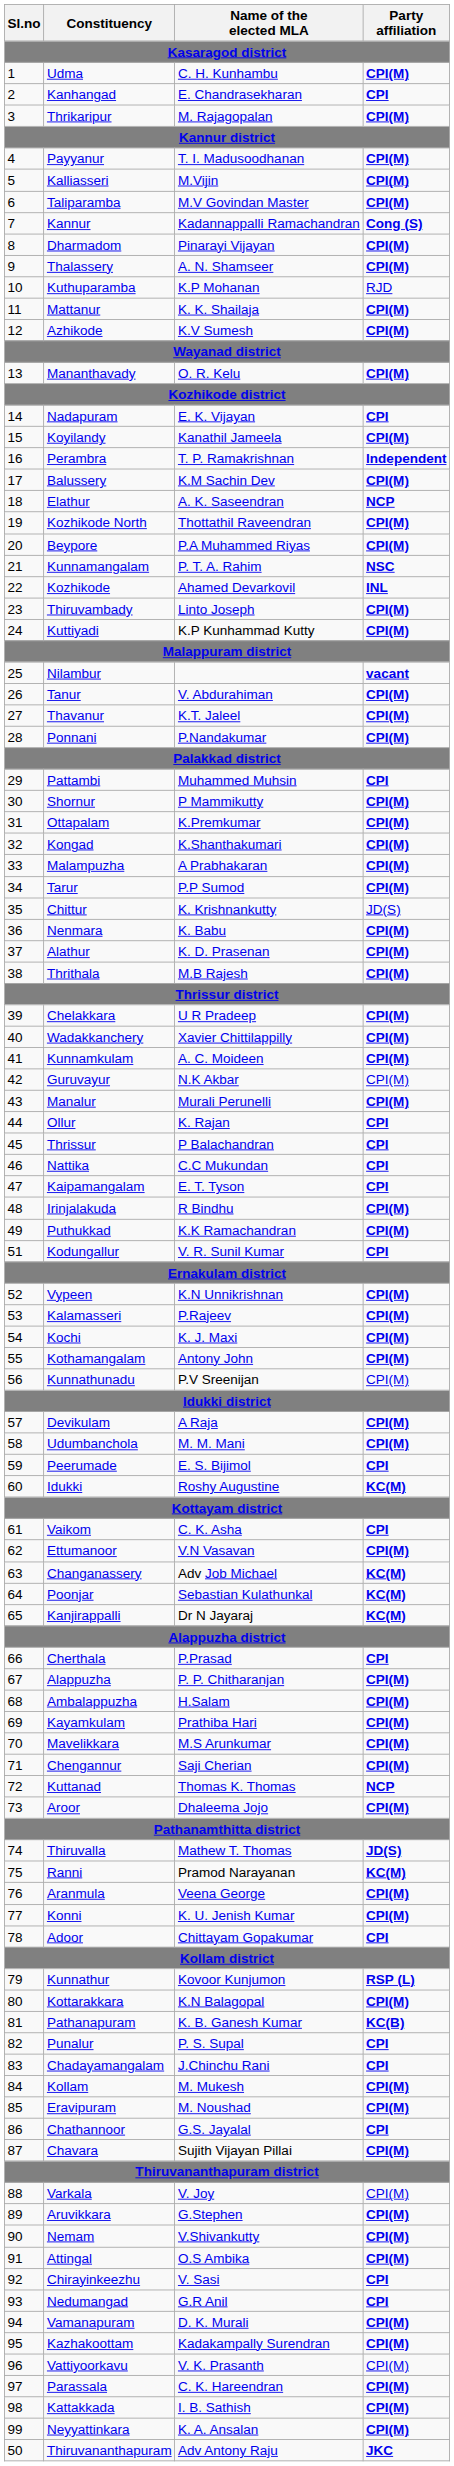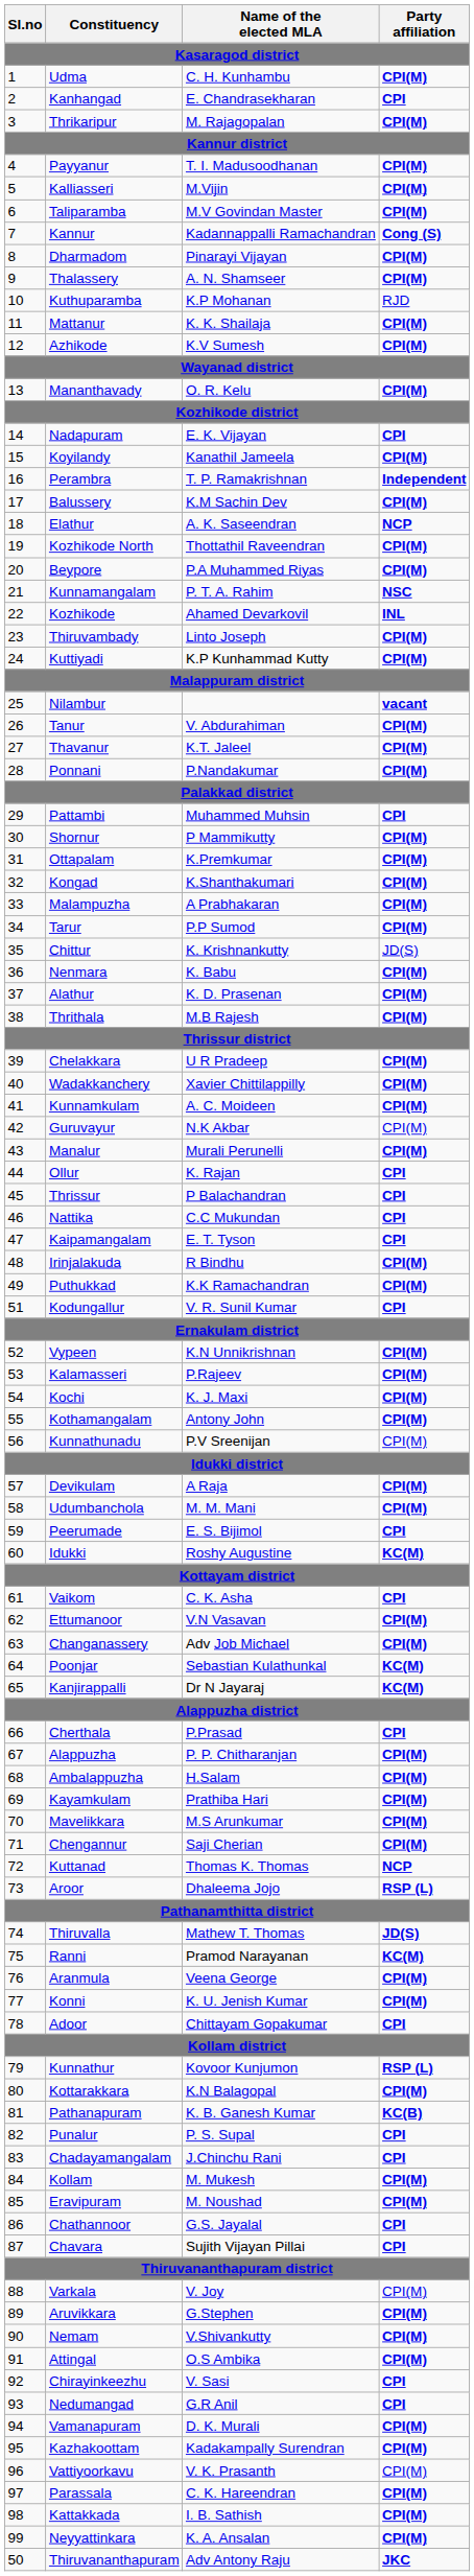 <table class="wikitable sortable" style="font-size: 95%;">
 <tr>
 <th scope="col">Sl.no</th>
 <th scope="col">Constituency</th>
 <th scope="col">Name of the<br>elected MLA</th>
 <th scope="col">Party<br>affiliation</th>
 </tr>
 <tr>
 <td colspan="4" style="text-align:center; background-color: gray;"><a href='#'><span><strong>Kasaragod district</strong></span></a></td>
 </tr>
 <tr>
 <td>1</td>
 <td><a href='#'>Udma</a></td>
 <td><a href='#'>C. H. Kunhambu</a></td>
 <td width="4" style="background-color: "><a href='#'><span><strong>CPI(M)</strong></span></a></td>
 </tr>
 <tr>
 <td>2</td>
 <td><a href='#'>Kanhangad</a></td>
 <td><a href='#'>E. Chandrasekharan</a></td>
 <td width="4" style="background-color: "><a href='#'><span><strong>CPI</strong></span></a></td>
 </tr>
 <tr>
 <td>3</td>
 <td><a href='#'>Thrikaripur</a></td>
 <td><a href='#'>M. Rajagopalan</a></td>
 <td width="4" style="background-color: "><a href='#'><span><strong>CPI(M)</strong></span></a></td>
 </tr>
 <tr>
 <td colspan="4" style="text-align:center; background-color: gray;"><a href='#'><span><strong>Kannur district</strong></span></a></td>
 </tr>
 <tr>
 <td>4</td>
 <td><a href='#'>Payyanur</a></td>
 <td><a href='#'>T. I. Madusoodhanan</a></td>
 <td width="4" style="background-color: "><a href='#'><span><strong>CPI(M)</strong></span></a></td>
 </tr>
 <tr>
 <td>5</td>
 <td><a href='#'>Kalliasseri</a></td>
 <td><a href='#'>M.Vijin</a></td>
 <td width="4" style="background-color: "><a href='#'><span><strong>CPI(M)</strong></span></a></td>
 </tr>
 <tr>
 <td>6</td>
 <td><a href='#'>Taliparamba</a></td>
 <td><a href='#'>M.V Govindan Master</a></td>
 <td width="4" style="background-color: "><a href='#'><span><strong>CPI(M)</strong></span></a></td>
 </tr>
 <tr>
 <td>7</td>
 <td><a href='#'>Kannur</a></td>
 <td><a href='#'>Kadannappalli Ramachandran</a></td>
 <td width="4" style="background-color: "><a href='#'><span><strong>Cong (S)</strong></span></a></td>
 </tr>
 <tr>
 <td>8</td>
 <td><a href='#'>Dharmadom</a></td>
 <td><a href='#'>Pinarayi Vijayan</a></td>
 <td width="4" style="background-color: "><a href='#'><span><strong>CPI(M)</strong></span></a></td>
 </tr>
 <tr>
 <td>9</td>
 <td><a href='#'>Thalassery</a></td>
 <td><a href='#'>A. N. Shamseer</a></td>
 <td width="4" style="background-color: "><a href='#'><span><strong>CPI(M)</strong></span></a></td>
 </tr>
 <tr>
 <td>10</td>
 <td><a href='#'>Kuthuparamba</a></td>
 <td><a href='#'>K.P Mohanan</a></td>
 <td width="4" style="background-color: "><a href='#'>RJD</a></td>
 </tr>
 <tr>
 <td>11</td>
 <td><a href='#'>Mattanur</a></td>
 <td><a href='#'>K. K. Shailaja</a></td>
 <td width="4" style="background-color: "><a href='#'><span><strong>CPI(M)</strong></span></a></td>
 </tr>
 <tr>
 <td>12</td>
 <td><a href='#'>Azhikode</a></td>
 <td><a href='#'>K.V Sumesh</a></td>
 <td width="4" style="background-color: "><a href='#'><span><strong>CPI(M)</strong></span></a></td>
 </tr>
 <tr>
 <td colspan="4" style="text-align:center; background-color: gray;"><a href='#'><span><strong>Wayanad district</strong></span></a></td>
 </tr>
 <tr>
 <td>13</td>
 <td><a href='#'>Mananthavady</a></td>
 <td><a href='#'>O. R. Kelu</a></td>
 <td width="4" style="background-color: "><a href='#'><span><strong>CPI(M)</strong></span></a></td>
 </tr>
 <tr>
 <td colspan="4" style="text-align:center; background-color: gray;"><a href='#'><span><strong>Kozhikode district</strong></span></a></td>
 </tr>
 <tr>
 <td>14</td>
 <td><a href='#'>Nadapuram</a></td>
 <td><a href='#'>E. K. Vijayan</a></td>
 <td width="4" style="background-color: "><a href='#'><span><strong>CPI</strong></span></a></td>
 </tr>
 <tr>
 <td>15</td>
 <td><a href='#'>Koyilandy</a></td>
 <td><a href='#'>Kanathil Jameela</a></td>
 <td width="4" style="background-color: "><a href='#'><span><strong>CPI(M)</strong></span></a></td>
 </tr>
 <tr>
 <td>16</td>
 <td><a href='#'>Perambra</a></td>
 <td><a href='#'>T. P. Ramakrishnan</a></td>
 <td width="4" style="background-color: "><a href='#'><strong>Independent</strong></a></td>
 </tr>
 <tr>
 <td>17</td>
 <td><a href='#'>Balussery</a></td>
 <td><a href='#'>K.M Sachin Dev</a></td>
 <td width="4" style="background-color: "><a href='#'><span><strong>CPI(M)</strong></span></a></td>
 </tr>
 <tr>
 <td>18</td>
 <td><a href='#'>Elathur</a></td>
 <td><a href='#'>A. K. Saseendran</a></td>
 <td width="4" style="background-color: "><a href='#'><span><strong>NCP</strong></span></a></td>
 </tr>
 <tr>
 <td>19</td>
 <td><a href='#'>Kozhikode North</a></td>
 <td><a href='#'>Thottathil Raveendran</a></td>
 <td width="4" style="background-color: "><a href='#'><span><strong>CPI(M)</strong></span></a></td>
 </tr>
 <tr>
 <td>20</td>
 <td><a href='#'>Beypore</a></td>
 <td><a href='#'>P.A Muhammed Riyas</a></td>
 <td width="4" style="background-color: "><a href='#'><span><strong>CPI(M)</strong></span></a></td>
 </tr>
 <tr>
 <td>21</td>
 <td><a href='#'>Kunnamangalam</a></td>
 <td><a href='#'>P. T. A. Rahim</a></td>
 <td width="4" style="background-color: "><a href='#'><span><strong>NSC</strong></span></a></td>
 </tr>
 <tr>
 <td>22</td>
 <td><a href='#'>Kozhikode</a></td>
 <td><a href='#'>Ahamed Devarkovil</a></td>
 <td width="4" style="background-color: "><a href='#'><span><strong>INL</strong></span></a></td>
 </tr>
 <tr>
 <td>23</td>
 <td><a href='#'>Thiruvambady</a></td>
 <td><a href='#'>Linto Joseph</a></td>
 <td width="4" style="background-color: "><a href='#'><span><strong>CPI(M)</strong></span></a></td>
 </tr>
 <tr>
 <td>24</td>
 <td><a href='#'>Kuttiyadi</a></td>
 <td>K.P Kunhammad Kutty</td>
 <td width="4" style="background-color: "><a href='#'><span><strong>CPI(M)</strong></span></a></td>
 </tr>
 <tr>
 <td colspan="4" style="text-align:center; background-color: gray;"><a href='#'><span><strong>Malappuram district</strong></span></a></td>
 </tr>
 <tr>
 <td>25</td>
 <td><a href='#'>Nilambur</a></td>
 <td></td>
 <td width="4" style="background-color: "><a href='#'><strong>vacant</strong></a></td>
 </tr>
 <tr>
 <td>26</td>
 <td><a href='#'>Tanur</a></td>
 <td><a href='#'>V. Abdurahiman</a></td>
 <td width="4" style="background-color: "><a href='#'><span><strong>CPI(M)</strong></span></a></td>
 </tr>
 <tr>
 <td>27</td>
 <td><a href='#'>Thavanur</a></td>
 <td><a href='#'>K.T. Jaleel</a></td>
 <td width="4" style="background-color: "><a href='#'><span><strong>CPI(M)</strong></span></a></td>
 </tr>
 <tr>
 <td>28</td>
 <td><a href='#'>Ponnani</a></td>
 <td><a href='#'>P.Nandakumar</a></td>
 <td width="4" style="background-color: "><a href='#'><span><strong>CPI(M)</strong></span></a></td>
 </tr>
 <tr>
 <td colspan="4" style="text-align:center; background-color: gray;"><a href='#'><span><strong>Palakkad district</strong></span></a></td>
 </tr>
 <tr>
 <td>29</td>
 <td><a href='#'>Pattambi</a></td>
 <td><a href='#'>Muhammed Muhsin</a></td>
 <td width="4" style="background-color: "><a href='#'><span><strong>CPI</strong></span></a></td>
 </tr>
 <tr>
 <td>30</td>
 <td><a href='#'>Shornur</a></td>
 <td><a href='#'>P Mammikutty</a></td>
 <td width="4" style="background-color: "><a href='#'><span><strong>CPI(M)</strong></span></a></td>
 </tr>
 <tr>
 <td>31</td>
 <td><a href='#'>Ottapalam</a></td>
 <td><a href='#'>K.Premkumar</a></td>
 <td width="4" style="background-color: "><a href='#'><span><strong>CPI(M)</strong></span></a></td>
 </tr>
 <tr>
 <td>32</td>
 <td><a href='#'>Kongad</a></td>
 <td><a href='#'>K.Shanthakumari</a></td>
 <td width="4" style="background-color: "><a href='#'><span><strong>CPI(M)</strong></span></a></td>
 </tr>
 <tr>
 <td>33</td>
 <td><a href='#'>Malampuzha</a></td>
 <td><a href='#'>A Prabhakaran</a></td>
 <td width="4" style="background-color: "><a href='#'><span><strong>CPI(M)</strong></span></a></td>
 </tr>
 <tr>
 <td>34</td>
 <td><a href='#'>Tarur</a></td>
 <td><a href='#'>P.P Sumod</a></td>
 <td width="4" style="background-color: "><a href='#'><span><strong>CPI(M)</strong></span></a></td>
 </tr>
 <tr>
 <td>35</td>
 <td><a href='#'>Chittur</a></td>
 <td><a href='#'>K. Krishnankutty</a></td>
 <td width="4" style="background-color: "><a href='#'><span>JD(S)</span></a></td>
 </tr>
 <tr>
 <td>36</td>
 <td><a href='#'>Nenmara</a></td>
 <td><a href='#'>K. Babu</a></td>
 <td width="4" style="background-color: "><a href='#'><span><strong>CPI(M)</strong></span></a></td>
 </tr>
 <tr>
 <td>37</td>
 <td><a href='#'>Alathur</a></td>
 <td><a href='#'>K. D. Prasenan</a></td>
 <td width="4" style="background-color: "><a href='#'><span><strong>CPI(M)</strong></span></a></td>
 </tr>
 <tr>
 <td>38</td>
 <td><a href='#'>Thrithala</a></td>
 <td><a href='#'>M.B Rajesh</a></td>
 <td width="4" style="background-color: "><a href='#'><span><strong>CPI(M)</strong></span></a></td>
 </tr>
 <tr>
 <td colspan="4" style="text-align:center; background-color: gray;"><a href='#'><span><strong>Thrissur district</strong></span></a></td>
 </tr>
 <tr>
 <td>39</td>
 <td><a href='#'>Chelakkara</a></td>
 <td><a href='#'>U R Pradeep</a></td>
 <td width="4" style="background-color: "><a href='#'><span><strong>CPI(M)</strong></span></a></td>
 </tr>
 <tr>
 <td>40</td>
 <td><a href='#'>Wadakkanchery</a></td>
 <td><a href='#'>Xavier Chittilappilly</a></td>
 <td width="4" style="background-color: "><a href='#'><span><strong>CPI(M)</strong></span></a></td>
 </tr>
 <tr>
 <td>41</td>
 <td><a href='#'>Kunnamkulam</a></td>
 <td><a href='#'>A. C. Moideen</a></td>
 <td width="4" style="background-color: "><a href='#'><span><strong>CPI(M)</strong></span></a></td>
 </tr>
 <tr>
 <td>42</td>
 <td><a href='#'>Guruvayur</a></td>
 <td><a href='#'>N.K Akbar</a></td>
 <td width="4" style="background-color: "><a href='#'><span>CPI(M)</span></a></td>
 </tr>
 <tr>
 <td>43</td>
 <td><a href='#'>Manalur</a></td>
 <td><a href='#'>Murali Perunelli</a></td>
 <td width="4" style="background-color: "><a href='#'><span><strong>CPI(M)</strong></span></a></td>
 </tr>
 <tr>
 <td>44</td>
 <td><a href='#'>Ollur</a></td>
 <td><a href='#'>K. Rajan</a></td>
 <td width="4" style="background-color: "><a href='#'><span><strong>CPI</strong></span></a></td>
 </tr>
 <tr>
 <td>45</td>
 <td><a href='#'>Thrissur</a></td>
 <td><a href='#'>P Balachandran</a></td>
 <td width="4" style="background-color: "><a href='#'><span><strong>CPI</strong></span></a></td>
 </tr>
 <tr>
 <td>46</td>
 <td><a href='#'>Nattika</a></td>
 <td><a href='#'>C.C Mukundan</a></td>
 <td width="4" style="background-color: "><a href='#'><span><strong>CPI</strong></span></a></td>
 </tr>
 <tr>
 <td>47</td>
 <td><a href='#'>Kaipamangalam</a></td>
 <td><a href='#'>E. T. Tyson</a></td>
 <td width="4" style="background-color: "><a href='#'><span><strong>CPI</strong></span></a></td>
 </tr>
 <tr>
 <td>48</td>
 <td><a href='#'>Irinjalakuda</a></td>
 <td><a href='#'>R Bindhu</a></td>
 <td width="4" style="background-color: "><a href='#'><span><strong>CPI(M)</strong></span></a></td>
 </tr>
 <tr>
 <td>49</td>
 <td><a href='#'>Puthukkad</a></td>
 <td><a href='#'>K.K Ramachandran</a></td>
 <td width="4" style="background-color: "><a href='#'><span><strong>CPI(M)</strong></span></a></td>
 </tr>
 <tr>
 <td>51</td>
 <td><a href='#'>Kodungallur</a></td>
 <td><a href='#'>V. R. Sunil Kumar</a></td>
 <td width="4" style="background-color: "><a href='#'><span><strong>CPI</strong></span></a></td>
 </tr>
 <tr>
 <td colspan="4" style="text-align:center; background-color: gray;"><a href='#'><span><strong>Ernakulam district</strong></span></a></td>
 </tr>
 <tr>
 <td>52</td>
 <td><a href='#'>Vypeen</a></td>
 <td><a href='#'>K.N Unnikrishnan</a></td>
 <td width="4" style="background-color: "><a href='#'><span><strong>CPI(M)</strong></span></a></td>
 </tr>
 <tr>
 <td>53</td>
 <td><a href='#'>Kalamasseri</a></td>
 <td><a href='#'>P.Rajeev</a></td>
 <td width="4" style="background-color: "><a href='#'><span><strong>CPI(M)</strong></span></a></td>
 </tr>
 <tr>
 <td>54</td>
 <td><a href='#'>Kochi</a></td>
 <td><a href='#'>K. J. Maxi</a></td>
 <td width="4" style="background-color: "><a href='#'><span><strong>CPI(M)</strong></span></a></td>
 </tr>
 <tr>
 <td>55</td>
 <td><a href='#'>Kothamangalam</a></td>
 <td><a href='#'>Antony John</a></td>
 <td width="4" style="background-color: "><a href='#'><span><strong>CPI(M)</strong></span></a></td>
 </tr>
 <tr>
 <td>56</td>
 <td><a href='#'>Kunnathunadu</a></td>
 <td>P.V Sreenijan</td>
 <td width="4" style="background-color: "><a href='#'><span>CPI(M)</span></a></td>
 </tr>
 <tr>
 <td colspan="4" style="text-align:center; background-color: gray;"><a href='#'><span><strong>Idukki district</strong></span></a></td>
 </tr>
 <tr>
 <td>57</td>
 <td><a href='#'>Devikulam</a></td>
 <td><a href='#'>A Raja</a></td>
 <td width="4" style="background-color: "><a href='#'><span><strong>CPI(M)</strong></span></a></td>
 </tr>
 <tr>
 <td>58</td>
 <td><a href='#'>Udumbanchola</a></td>
 <td><a href='#'>M. M. Mani</a></td>
 <td width="4" style="background-color: "><a href='#'><span><strong>CPI(M)</strong></span></a></td>
 </tr>
 <tr>
 <td>59</td>
 <td><a href='#'>Peerumade</a></td>
 <td><a href='#'>E. S. Bijimol</a></td>
 <td width="4" style="background-color: "><a href='#'><span><strong>CPI</strong></span></a></td>
 </tr>
 <tr>
 <td>60</td>
 <td><a href='#'>Idukki</a></td>
 <td><a href='#'>Roshy Augustine</a></td>
 <td width="4" style="background-color: "><a href='#'><span><strong>KC(M)</strong></span></a></td>
 </tr>
 <tr>
 <td colspan="4" style="text-align:center; background-color: gray;"><a href='#'><span><strong>Kottayam district</strong></span></a></td>
 </tr>
 <tr>
 <td>61</td>
 <td><a href='#'>Vaikom</a></td>
 <td><a href='#'>C. K. Asha</a></td>
 <td width="4" style="background-color: "><a href='#'><span><strong>CPI</strong></span></a></td>
 </tr>
 <tr>
 <td>62</td>
 <td><a href='#'>Ettumanoor</a></td>
 <td><a href='#'>V.N Vasavan</a></td>
 <td width="4" style="background-color: "><a href='#'><span><strong>CPI(M)</strong></span></a></td>
 </tr>
 <tr>
 <td>63</td>
 <td><a href='#'>Changanassery</a></td>
 <td>Adv <a href='#'>Job Michael</a></td>
-<td width="4" style="background-color: "><a href='#'><span><strong>KC(M)</strong></span></a></td>
+<td width="4" style="background-color: "><a href='#'><span><strong>CPI(M)</strong></span></a></td>
 </tr>
 <tr>
 <td>64</td>
 <td><a href='#'>Poonjar</a></td>
 <td><a href='#'>Sebastian Kulathunkal</a></td>
 <td width="4" style="background-color: "><a href='#'><span><strong>KC(M)</strong></span></a></td>
 </tr>
 <tr>
 <td>65</td>
 <td><a href='#'>Kanjirappalli</a></td>
 <td>Dr N Jayaraj</td>
 <td width="4" style="background-color: "><a href='#'><span><strong>KC(M)</strong></span></a></td>
 </tr>
 <tr>
 <td colspan="4" style="text-align:center; background-color: gray;"><a href='#'><span><strong>Alappuzha district</strong></span></a></td>
 </tr>
 <tr>
 <td>66</td>
 <td><a href='#'>Cherthala</a></td>
 <td><a href='#'>P.Prasad</a></td>
 <td width="4" style="background-color: "><a href='#'><span><strong>CPI</strong></span></a></td>
 </tr>
 <tr>
 <td>67</td>
 <td><a href='#'>Alappuzha</a></td>
 <td><a href='#'>P. P. Chitharanjan</a></td>
 <td width="4" style="background-color: "><a href='#'><span><strong>CPI(M)</strong></span></a></td>
 </tr>
 <tr>
 <td>68</td>
 <td><a href='#'>Ambalappuzha</a></td>
 <td><a href='#'>H.Salam</a></td>
 <td width="4" style="background-color: "><a href='#'><span><strong>CPI(M)</strong></span></a></td>
 </tr>
 <tr>
 <td>69</td>
 <td><a href='#'>Kayamkulam</a></td>
 <td><a href='#'>Prathiba Hari</a></td>
 <td width="4" style="background-color: "><a href='#'><span><strong>CPI(M)</strong></span></a></td>
 </tr>
 <tr>
 <td>70</td>
 <td><a href='#'>Mavelikkara</a></td>
 <td><a href='#'>M.S Arunkumar</a></td>
 <td width="4" style="background-color: "><a href='#'><span><strong>CPI(M)</strong></span></a></td>
 </tr>
 <tr>
 <td>71</td>
 <td><a href='#'>Chengannur</a></td>
 <td><a href='#'>Saji Cherian</a></td>
 <td width="4" style="background-color: "><a href='#'><span><strong>CPI(M)</strong></span></a></td>
 </tr>
 <tr>
 <td>72</td>
 <td><a href='#'>Kuttanad</a></td>
 <td><a href='#'>Thomas K. Thomas</a></td>
 <td width="4" style="background-color: "><a href='#'><span><strong>NCP</strong></span></a></td>
 </tr>
 <tr>
 <td>73</td>
 <td><a href='#'>Aroor</a></td>
 <td><a href='#'>Dhaleema Jojo</a></td>
-<td width="4" style="background-color: "><a href='#'><span><strong>CPI(M)</strong></span></a></td>
+<td width="4" style="background-color: "><a href='#'><span><strong>RSP (L)</strong></span></a></td>
 </tr>
 <tr>
 <td colspan="4" style="text-align:center; background-color: gray;"><a href='#'><span><strong>Pathanamthitta district</strong></span></a></td>
 </tr>
 <tr>
 <td>74</td>
 <td><a href='#'>Thiruvalla</a></td>
 <td><a href='#'>Mathew T. Thomas</a></td>
 <td width="4" style="background-color: "><a href='#'><span><strong>JD(S)</strong></span></a></td>
 </tr>
 <tr>
 <td>75</td>
 <td><a href='#'>Ranni</a></td>
 <td>Pramod Narayanan</td>
 <td width="4" style="background-color: "><a href='#'><span><strong>KC(M)</strong></span></a></td>
 </tr>
 <tr>
 <td>76</td>
 <td><a href='#'>Aranmula</a></td>
 <td><a href='#'>Veena George</a></td>
 <td width="4" style="background-color: "><a href='#'><span><strong>CPI(M)</strong></span></a></td>
 </tr>
 <tr>
 <td>77</td>
 <td><a href='#'>Konni</a></td>
 <td><a href='#'>K. U. Jenish Kumar</a></td>
 <td width="4" style="background-color: "><a href='#'><span><strong>CPI(M)</strong></span></a></td>
 </tr>
 <tr>
 <td>78</td>
 <td><a href='#'>Adoor</a></td>
 <td><a href='#'>Chittayam Gopakumar</a></td>
 <td width="4" style="background-color: "><a href='#'><span><strong>CPI</strong></span></a></td>
 </tr>
 <tr>
 <td colspan="4" style="text-align:center; background-color: gray;"><a href='#'><span><strong>Kollam district</strong></span></a></td>
 </tr>
 <tr>
 <td>79</td>
 <td><a href='#'>Kunnathur</a></td>
 <td><a href='#'>Kovoor Kunjumon</a></td>
 <td width="4" style="background-color: "><a href='#'><span><strong>RSP (L)</strong></span></a></td>
 </tr>
 <tr>
 <td>80</td>
 <td><a href='#'>Kottarakkara</a></td>
 <td><a href='#'>K.N Balagopal</a></td>
 <td width="4" style="background-color: "><a href='#'><span><strong>CPI(M)</strong></span></a></td>
 </tr>
 <tr>
 <td>81</td>
 <td><a href='#'>Pathanapuram</a></td>
 <td><a href='#'>K. B. Ganesh Kumar</a></td>
 <td width="4" style="background-color: "><a href='#'><span><strong>KC(B)</strong></span></a></td>
 </tr>
 <tr>
 <td>82</td>
 <td><a href='#'>Punalur</a></td>
 <td><a href='#'>P. S. Supal</a></td>
 <td width="4" style="background-color: "><a href='#'><span><strong>CPI</strong></span></a></td>
 </tr>
 <tr>
 <td>83</td>
 <td><a href='#'>Chadayamangalam</a></td>
 <td><a href='#'>J.Chinchu Rani</a></td>
 <td width="4" style="background-color: "><a href='#'><span><strong>CPI</strong></span></a></td>
 </tr>
 <tr>
 <td>84</td>
 <td><a href='#'>Kollam</a></td>
 <td><a href='#'>M. Mukesh</a></td>
 <td width="4" style="background-color: "><a href='#'><span><strong>CPI(M)</strong></span></a></td>
 </tr>
 <tr>
 <td>85</td>
 <td><a href='#'>Eravipuram</a></td>
 <td><a href='#'>M. Noushad</a></td>
 <td width="4" style="background-color: "><a href='#'><span><strong>CPI(M)</strong></span></a></td>
 </tr>
 <tr>
 <td>86</td>
 <td><a href='#'>Chathannoor</a></td>
 <td><a href='#'>G.S. Jayalal</a></td>
 <td width="4" style="background-color: "><a href='#'><span><strong>CPI</strong></span></a></td>
 </tr>
 <tr>
 <td>87</td>
 <td><a href='#'>Chavara</a></td>
 <td>Sujith Vijayan Pillai</td>
-<td width="4" style="background-color: "><a href='#'><span><strong>CPI(M)</strong></span></a></td>
+<td width="4" style="background-color: "><a href='#'><span><strong>CPI</strong></span></a></td>
 </tr>
 <tr>
 <td colspan="4" style="text-align:center; background-color: gray;"><a href='#'><span><strong>Thiruvananthapuram district</strong></span></a></td>
 </tr>
 <tr>
 <td>88</td>
 <td><a href='#'>Varkala</a></td>
 <td><a href='#'>V. Joy</a></td>
 <td width="4" style="background-color: "><a href='#'><span>CPI(M)</span></a></td>
 </tr>
 <tr>
 <td>89</td>
 <td><a href='#'>Aruvikkara</a></td>
 <td><a href='#'>G.Stephen</a></td>
 <td width="4" style="background-color: "><a href='#'><span><strong>CPI(M)</strong></span></a></td>
 </tr>
 <tr>
 <td>90</td>
 <td><a href='#'>Nemam</a></td>
 <td><a href='#'>V.Shivankutty</a></td>
 <td width="4" style="background-color: "><a href='#'><span><strong>CPI(M)</strong></span></a></td>
 </tr>
 <tr>
 <td>91</td>
 <td><a href='#'>Attingal</a></td>
 <td><a href='#'>O.S Ambika</a></td>
 <td width="4" style="background-color: "><a href='#'><span><strong>CPI(M)</strong></span></a></td>
 </tr>
 <tr>
 <td>92</td>
 <td><a href='#'>Chirayinkeezhu</a></td>
 <td><a href='#'>V. Sasi</a></td>
 <td width="4" style="background-color: "><a href='#'><span><strong>CPI</strong></span></a></td>
 </tr>
 <tr>
 <td>93</td>
 <td><a href='#'>Nedumangad</a></td>
 <td><a href='#'>G.R Anil</a></td>
 <td width="4" style="background-color: "><a href='#'><span><strong>CPI</strong></span></a></td>
 </tr>
 <tr>
 <td>94</td>
 <td><a href='#'>Vamanapuram</a></td>
 <td><a href='#'>D. K. Murali</a></td>
 <td width="4" style="background-color: "><a href='#'><span><strong>CPI(M)</strong></span></a></td>
 </tr>
 <tr>
 <td>95</td>
 <td><a href='#'>Kazhakoottam</a></td>
 <td><a href='#'>Kadakampally Surendran</a></td>
 <td width="4" style="background-color: "><a href='#'><span><strong>CPI(M)</strong></span></a></td>
 </tr>
 <tr>
 <td>96</td>
 <td><a href='#'>Vattiyoorkavu</a></td>
 <td><a href='#'>V. K. Prasanth</a></td>
 <td width="4" style="background-color: "><a href='#'><span>CPI(M)</span></a></td>
 </tr>
 <tr>
 <td>97</td>
 <td><a href='#'>Parassala</a></td>
 <td><a href='#'>C. K. Hareendran</a></td>
 <td width="4" style="background-color: "><a href='#'><span><strong>CPI(M)</strong></span></a></td>
 </tr>
 <tr>
 <td>98</td>
 <td><a href='#'>Kattakkada</a></td>
 <td><a href='#'>I. B. Sathish</a></td>
 <td width="4" style="background-color: "><a href='#'><span><strong>CPI(M)</strong></span></a></td>
 </tr>
 <tr>
 <td>99</td>
 <td><a href='#'>Neyyattinkara</a></td>
 <td><a href='#'>K. A. Ansalan</a></td>
 <td width="4" style="background-color: "><a href='#'><span><strong>CPI(M)</strong></span></a></td>
 </tr>
 <tr>
 <td>50</td>
 <td><a href='#'>Thiruvananthapuram</a></td>
 <td><a href='#'>Adv Antony Raju</a></td>
 <td width="4" style="background-color: "><a href='#'><span><strong>JKC</strong></span></a></td>
 </tr>
 </table>
